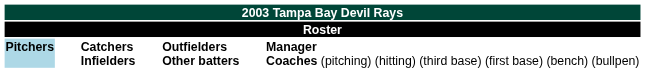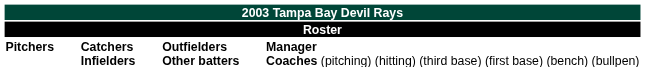 <table class="toccolours" style="font-size: 95%;">
 <tr>
 <th colspan="10" style="background-color: #004638; color: #ffffff; text-align: center;">2003 Tampa Bay Devil Rays</th>
 </tr>
 <tr>
 <td colspan="10" style="background-color: #000; color: #ffffff; text-align: center;"><strong>Roster</strong></td>
 </tr>
 <tr>
-<td valign="top" style="background: lightblue;"><strong>Pitchers</strong><br>                       </td>
+<td valign="top"><strong>Pitchers</strong><br>                       </td>
 <td width="25px"></td>
 <td valign="top"><strong>Catchers</strong><br>   <strong>Infielders</strong>              </td>
 <td width="25px"></td>
 <td valign="top"><strong>Outfielders</strong><br>         <strong>Other batters</strong> </td>
 <td width="25px"></td>
 <td valign="top"><strong>Manager</strong><br> <strong>Coaches</strong>  (pitching)  (hitting)  (third base)  (first base)  (bench)  (bullpen)</td>
 </tr>
 <tr>
 </tr>
 </table>
